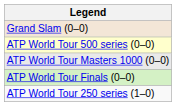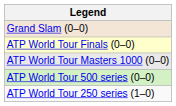 <table class=wikitable>
 <tr>
 <th>Legend</th>
 </tr>
 <tr style="background:#f3e6d7;">
 <td><a href='#'>Grand Slam</a> (0–0)</td>
 </tr>
 <tr style="background:#ffc;">
-<td><a href='#'>ATP World Tour 500 series</a> (0–0)</td>
+<td><a href='#'>ATP World Tour Finals</a> (0–0)</td>
 </tr>
 <tr style="background:#e9e9e9;">
 <td><a href='#'>ATP World Tour Masters 1000</a> (0–0)</td>
 </tr>
 <tr style="background:#d4f1c5;">
-<td><a href='#'>ATP World Tour Finals</a> (0–0)</td>
+<td><a href='#'>ATP World Tour 500 series</a> (0–0)</td>
 </tr>
 <tr>
 <td><a href='#'>ATP World Tour 250 series</a> (1–0)</td>
 </tr>
 </table>
